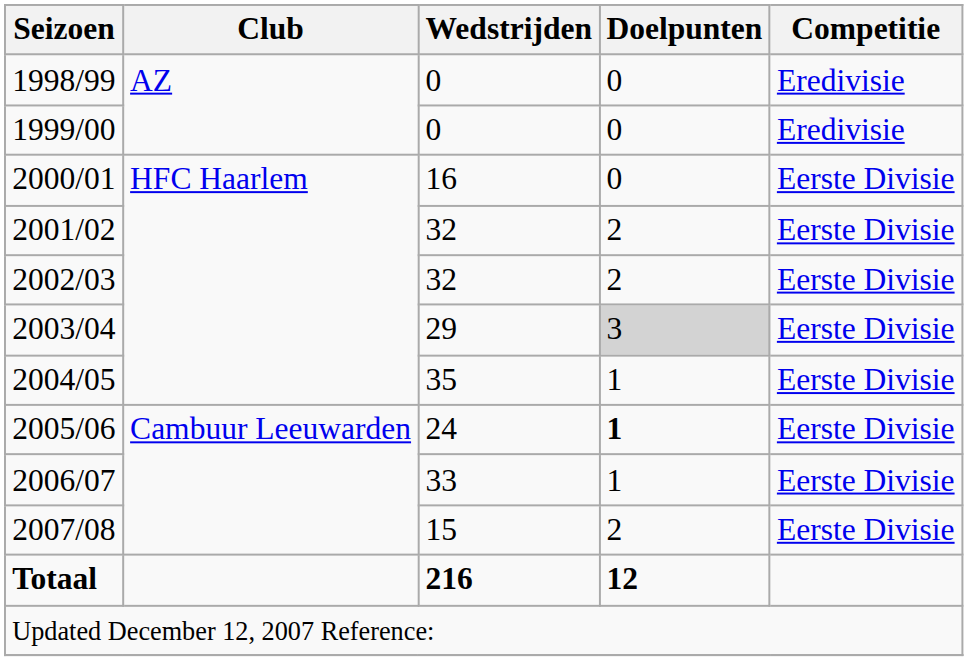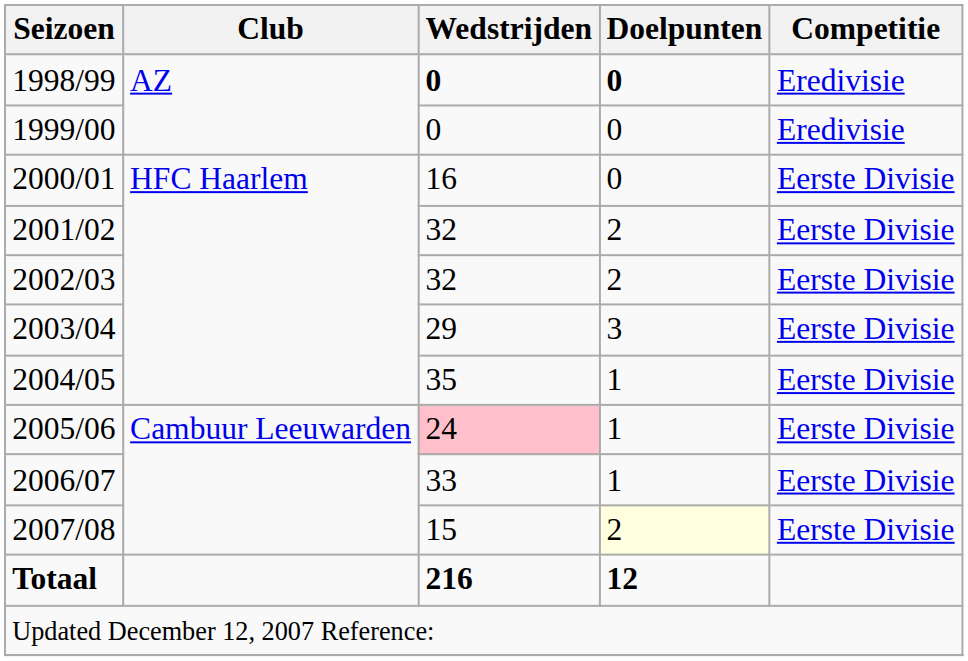 <table class="wikitable">
 <tr>
 <th>Seizoen</th>
 <th>Club</th>
 <th>Wedstrijden</th>
 <th>Doelpunten</th>
 <th>Competitie</th>
 </tr>
 <tr>
 <td>1998/99</td>
 <td rowspan=2 valign=top><a href='#'>AZ</a></td>
-<td>0</td>
-<td>0</td>
+<td><strong>0</strong></td>
+<td><strong>0</strong></td>
 <td> <a href='#'>Eredivisie</a></td>
 </tr>
 <tr>
 <td>1999/00</td>
 <td>0</td>
 <td>0</td>
 <td> <a href='#'>Eredivisie</a></td>
 </tr>
 <tr>
 <td>2000/01</td>
 <td rowspan=5 valign=top><a href='#'>HFC Haarlem</a></td>
 <td>16</td>
 <td>0</td>
 <td> <a href='#'>Eerste Divisie</a></td>
 </tr>
 <tr>
 <td>2001/02</td>
 <td>32</td>
 <td>2</td>
 <td> <a href='#'>Eerste Divisie</a></td>
 </tr>
 <tr>
 <td>2002/03</td>
 <td>32</td>
 <td>2</td>
 <td> <a href='#'>Eerste Divisie</a></td>
 </tr>
 <tr>
 <td>2003/04</td>
 <td>29</td>
-<td style="background: lightgrey;">3</td>
+<td>3</td>
 <td> <a href='#'>Eerste Divisie</a></td>
 </tr>
 <tr>
 <td>2004/05</td>
 <td>35</td>
 <td>1</td>
 <td> <a href='#'>Eerste Divisie</a></td>
 </tr>
 <tr>
 <td>2005/06</td>
 <td rowspan=3 valign=top><a href='#'>Cambuur Leeuwarden</a></td>
-<td>24</td>
-<td><strong>1</strong></td>
+<td style="background: pink;">24</td>
+<td>1</td>
 <td> <a href='#'>Eerste Divisie</a></td>
 </tr>
 <tr>
 <td>2006/07</td>
 <td>33</td>
 <td>1</td>
 <td> <a href='#'>Eerste Divisie</a></td>
 </tr>
 <tr>
 <td>2007/08</td>
 <td>15</td>
-<td>2</td>
+<td style="background: lightyellow;">2</td>
 <td> <a href='#'>Eerste Divisie</a></td>
 </tr>
 <tr>
 <td><strong>Totaal</strong></td>
 <td></td>
 <td><strong>216</strong></td>
 <td><strong>12</strong></td>
 <td></td>
 </tr>
 <tr>
 <td colspan="12"><small>Updated December 12, 2007 Reference:</small></td>
 </tr>
 <tr>
 </tr>
 </table>
